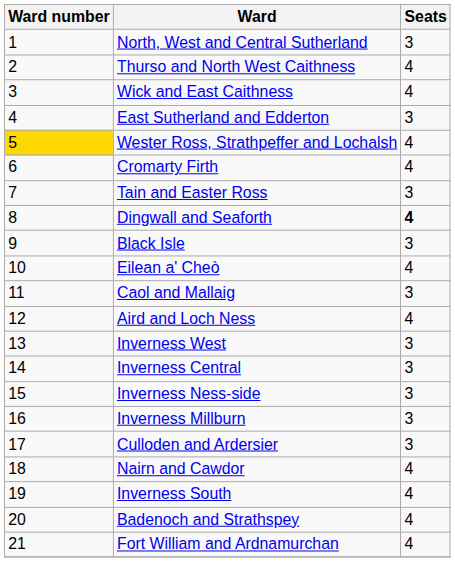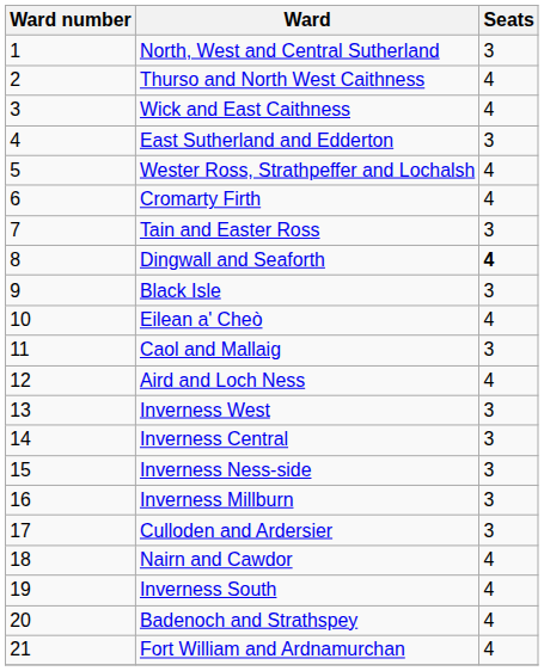 <table class="wikitable sortable">
 <tr>
 <th>Ward number</th>
 <th>Ward</th>
 <th>Seats</th>
 </tr>
 <tr>
 <td>1</td>
 <td><a href='#'>North, West and Central Sutherland</a></td>
 <td>3</td>
 </tr>
 <tr>
 <td>2</td>
 <td><a href='#'>Thurso and North West Caithness</a></td>
 <td>4</td>
 </tr>
 <tr>
 <td>3</td>
 <td><a href='#'>Wick and East Caithness</a></td>
 <td>4</td>
 </tr>
 <tr>
 <td>4</td>
 <td><a href='#'>East Sutherland and Edderton</a></td>
 <td>3</td>
 </tr>
 <tr>
-<td style="background: gold;">5</td>
+<td>5</td>
 <td><a href='#'>Wester Ross, Strathpeffer and Lochalsh</a></td>
 <td>4</td>
 </tr>
 <tr>
 <td>6</td>
 <td><a href='#'>Cromarty Firth</a></td>
 <td>4</td>
 </tr>
 <tr>
 <td>7</td>
 <td><a href='#'>Tain and Easter Ross</a></td>
 <td>3</td>
 </tr>
 <tr>
 <td>8</td>
 <td><a href='#'>Dingwall and Seaforth</a></td>
 <td><strong>4</strong></td>
 </tr>
 <tr>
 <td>9</td>
 <td><a href='#'>Black Isle</a></td>
 <td>3</td>
 </tr>
 <tr>
 <td>10</td>
 <td><a href='#'>Eilean a' Cheò</a></td>
 <td>4</td>
 </tr>
 <tr>
 <td>11</td>
 <td><a href='#'>Caol and Mallaig</a></td>
 <td>3</td>
 </tr>
 <tr>
 <td>12</td>
 <td><a href='#'>Aird and Loch Ness</a></td>
 <td>4</td>
 </tr>
 <tr>
 <td>13</td>
 <td><a href='#'>Inverness West</a></td>
 <td>3</td>
 </tr>
 <tr>
 <td>14</td>
 <td><a href='#'>Inverness Central</a></td>
 <td>3</td>
 </tr>
 <tr>
 <td>15</td>
 <td><a href='#'>Inverness Ness-side</a></td>
 <td>3</td>
 </tr>
 <tr>
 <td>16</td>
 <td><a href='#'>Inverness Millburn</a></td>
 <td>3</td>
 </tr>
 <tr>
 <td>17</td>
 <td><a href='#'>Culloden and Ardersier</a></td>
 <td>3</td>
 </tr>
 <tr>
 <td>18</td>
 <td><a href='#'>Nairn and Cawdor</a></td>
 <td>4</td>
 </tr>
 <tr>
 <td>19</td>
 <td><a href='#'>Inverness South</a></td>
 <td>4</td>
 </tr>
 <tr>
 <td>20</td>
 <td><a href='#'>Badenoch and Strathspey</a></td>
 <td>4</td>
 </tr>
 <tr>
 <td>21</td>
 <td><a href='#'>Fort William and Ardnamurchan</a></td>
 <td>4</td>
 </tr>
 <tr>
 </tr>
 </table>
